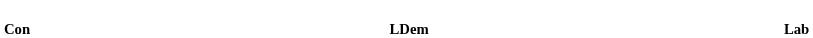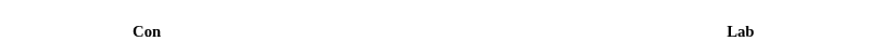 <table style="width:60%; text-align:center;">
 <tr style="color:white;">
 <td style="background:"><strong>28</strong></td>
-<td style="background:"><strong>24</strong></td>
 <td style="background:"><strong>2</strong></td>
 </tr>
 <tr>
 <td><span><strong>Con</strong></span></td>
-<td><span><strong>LDem</strong></span></td>
 <td><span><strong>Lab</strong></span></td>
 </tr>
 </table>
